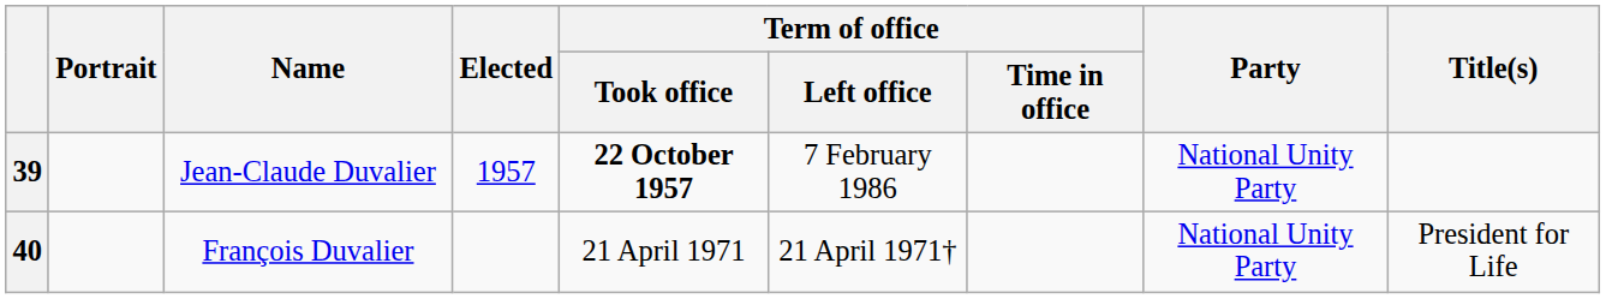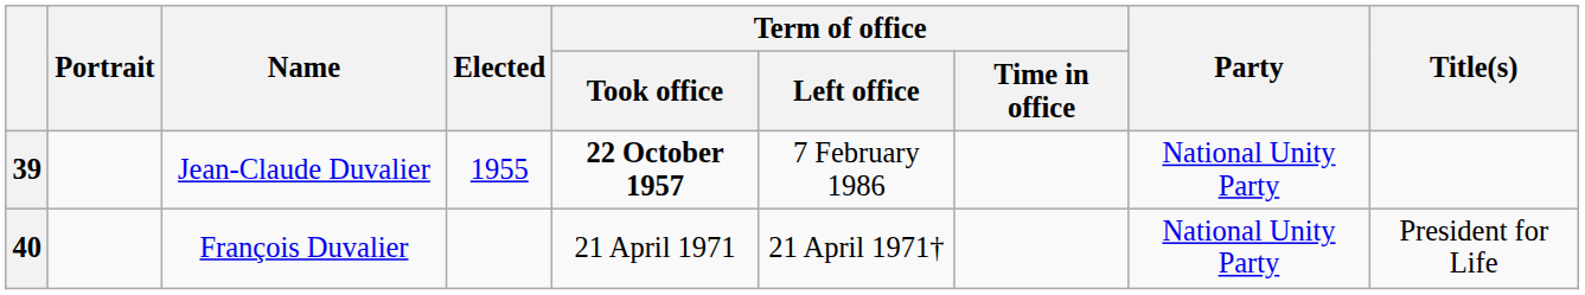 <table class="wikitable" style="text-align:center">
 <tr>
 <th rowspan="2"></th>
 <th rowspan="2">Portrait</th>
 <th rowspan="2" width="150">Name<br></th>
 <th rowspan="2">Elected</th>
 <th colspan="3">Term of office</th>
 <th rowspan="2">Party</th>
 <th rowspan="2">Title(s)</th>
 </tr>
 <tr>
 <th>Took office</th>
 <th>Left office</th>
 <th>Time in office</th>
 </tr>
 <tr>
 <th style="background:">39</th>
 <td></td>
 <td><a href='#'>Jean-Claude Duvalier</a><br></td>
-<td><a href='#'>1957</a><br></td>
+<td><a href='#'>1955</a><br></td>
 <td><strong>22 October 1957</strong></td>
 <td>7 February 1986</td>
 <td></td>
 <td><a href='#'>National Unity Party</a></td>
 <td></td>
 </tr>
 <tr>
 <th style="background:">40</th>
 <td></td>
 <td><a href='#'>François Duvalier</a><br></td>
 <td></td>
 <td>21 April 1971</td>
 <td>21 April 1971† </td>
 <td></td>
 <td><a href='#'>National Unity Party</a></td>
 <td>President for Life</td>
 </tr>
 </table>
